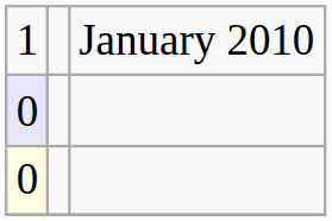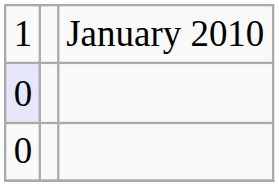 <table class="wikitable">
 <tr>
 <td>1</td>
 <td></td>
 <td>January 2010</td>
 </tr>
 <tr>
 <td style="background: lavender;">0</td>
 <td></td>
 <td></td>
 </tr>
 <tr>
-<td style="background: lightyellow;">0</td>
+<td>0</td>
 <td></td>
 <td></td>
 </tr>
 <tr>
 </tr>
 </table>
